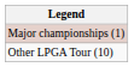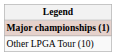 <table class="wikitable" style="font-size:95%;">
 <tr>
 <th>Legend</th>
 </tr>
 <tr style="background:#e5d1cb;">
-<td>Major championships (1)</td>
+<td><strong>Major championships (1)</strong></td>
 </tr>
 <tr>
 <td>Other LPGA Tour (10)</td>
 </tr>
 </table>
